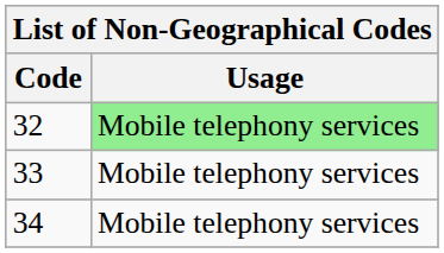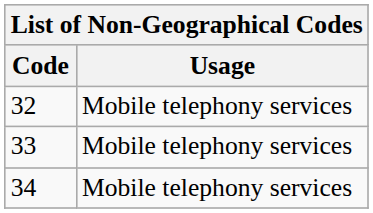 <table class="wikitable" border=1>
 <tr>
 <th colspan="2">List of Non-Geographical Codes</th>
 </tr>
 <tr>
 <th>Code</th>
 <th>Usage</th>
 </tr>
 <tr>
 <td>32</td>
-<td style="background: lightgreen;">Mobile telephony services</td>
+<td>Mobile telephony services</td>
 </tr>
 <tr>
 <td>33</td>
 <td>Mobile telephony services</td>
 </tr>
 <tr>
 <td>34</td>
 <td>Mobile telephony services</td>
 </tr>
 </table>
